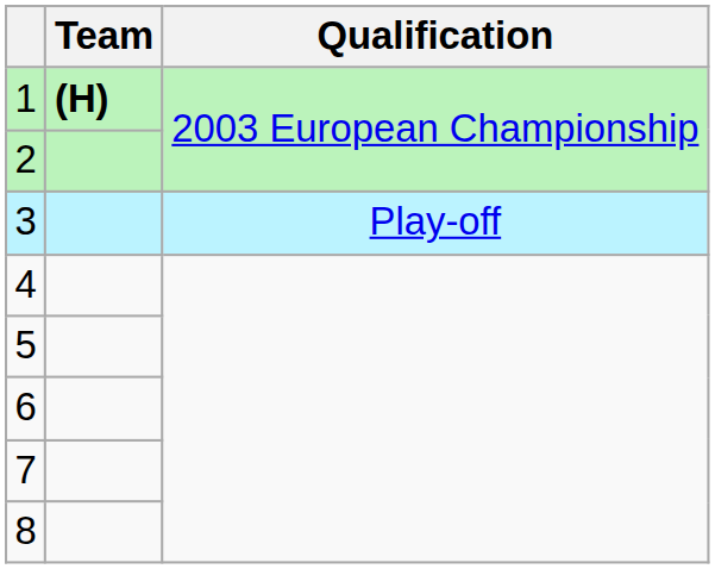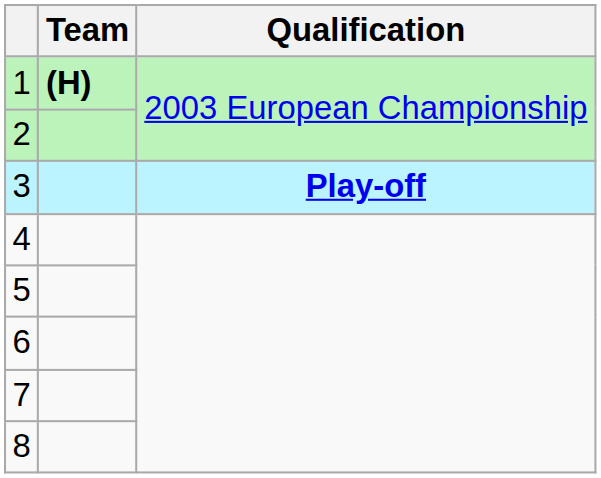 <table class="wikitable" style="text-align: center;">
 <tr>
 <th></th>
 <th>Team</th>
 <th>Qualification</th>
 </tr>
 <tr bgcolor=bbf3bb>
 <td>1</td>
 <td align=left> <strong>(H)</strong></td>
 <td rowspan=2><a href='#'>2003 European Championship</a></td>
 </tr>
 <tr bgcolor=bbf3bb>
 <td>2</td>
 <td align=left></td>
 </tr>
 <tr bgcolor=bbf3ff>
 <td>3</td>
 <td align=left></td>
-<td><a href='#'>Play-off</a></td>
+<td><strong><a href='#'>Play-off</a></strong></td>
 </tr>
 <tr>
 <td>4</td>
 <td align=left></td>
 <td rowspan=5></td>
 </tr>
 <tr>
 <td>5</td>
 <td align=left></td>
 </tr>
 <tr>
 <td>6</td>
 <td align=left></td>
 </tr>
 <tr>
 <td>7</td>
 <td align=left></td>
 </tr>
 <tr>
 <td>8</td>
 <td align=left></td>
 </tr>
 </table>
